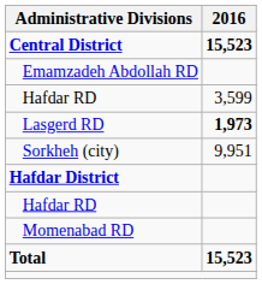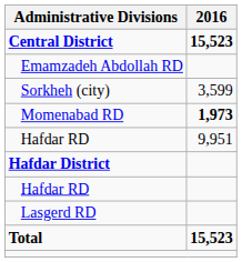 <table class="wikitable">
 <tr>
 <th>Administrative Divisions</th>
 <th>2016</th>
 </tr>
 <tr>
 <td><strong><a href='#'>Central District</a></strong></td>
 <td style="text-align: right;"><strong>15,523</strong></td>
 </tr>
 <tr>
 <td style="padding-left: 1em;"><a href='#'>Emamzadeh Abdollah RD</a></td>
 <td style="text-align: right;"></td>
 </tr>
 <tr>
-<td style="padding-left: 1em;">Hafdar RD</td>
+<td style="padding-left: 1em;"><a href='#'>Sorkheh</a> (city)</td>
 <td style="text-align: right;">3,599</td>
 </tr>
 <tr>
-<td style="padding-left: 1em;"><a href='#'>Lasgerd RD</a></td>
+<td style="padding-left: 1em;"><a href='#'>Momenabad RD</a></td>
 <td style="text-align: right;"><strong>1,973</strong></td>
 </tr>
 <tr>
-<td style="padding-left: 1em;"><a href='#'>Sorkheh</a> (city)</td>
+<td style="padding-left: 1em;">Hafdar RD</td>
 <td style="text-align: right;">9,951</td>
 </tr>
 <tr>
 <td><strong><a href='#'>Hafdar District</a></strong></td>
 <td style="text-align: right;"></td>
 </tr>
 <tr>
 <td style="padding-left: 1em;"><a href='#'>Hafdar RD</a></td>
 <td style="text-align: right;"></td>
 </tr>
 <tr>
-<td style="padding-left: 1em;"><a href='#'>Momenabad RD</a></td>
+<td style="padding-left: 1em;"><a href='#'>Lasgerd RD</a></td>
 <td style="text-align: right;"></td>
 </tr>
 <tr>
 <td><strong>Total</strong></td>
 <td style="text-align: right;"><strong>15,523</strong></td>
 </tr>
 <tr>
 <td colspan=2></td>
 </tr>
 </table>
